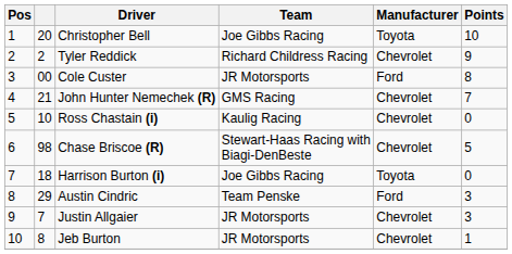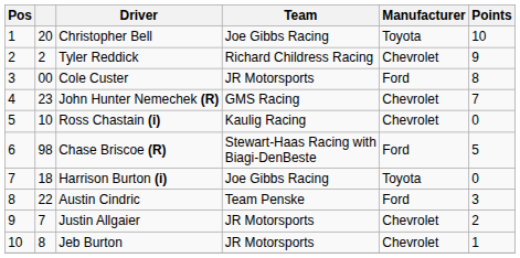 <table class="wikitable" style="font-size:98%">
 <tr>
 <th>Pos</th>
 <th></th>
 <th>Driver</th>
 <th>Team</th>
 <th>Manufacturer</th>
 <th>Points</th>
 </tr>
 <tr>
 <td>1</td>
 <td>20</td>
 <td>Christopher Bell</td>
 <td>Joe Gibbs Racing</td>
 <td>Toyota</td>
 <td>10</td>
 </tr>
 <tr>
 <td>2</td>
 <td>2</td>
 <td>Tyler Reddick</td>
 <td>Richard Childress Racing</td>
 <td>Chevrolet</td>
 <td>9</td>
 </tr>
 <tr>
 <td>3</td>
 <td>00</td>
 <td>Cole Custer</td>
 <td>JR Motorsports</td>
 <td>Ford</td>
 <td>8</td>
 </tr>
 <tr>
 <td>4</td>
-<td>21</td>
+<td>23</td>
 <td>John Hunter Nemechek <strong>(R)</strong></td>
 <td>GMS Racing</td>
 <td>Chevrolet</td>
 <td>7</td>
 </tr>
 <tr>
 <td>5</td>
 <td>10</td>
 <td>Ross Chastain <strong>(i)</strong></td>
 <td>Kaulig Racing</td>
 <td>Chevrolet</td>
 <td>0</td>
 </tr>
 <tr>
 <td>6</td>
 <td>98</td>
 <td>Chase Briscoe <strong>(R)</strong></td>
 <td>Stewart-Haas Racing with<br>Biagi-DenBeste</td>
-<td>Chevrolet</td>
+<td>Ford</td>
 <td>5</td>
 </tr>
 <tr>
 <td>7</td>
 <td>18</td>
 <td>Harrison Burton <strong>(i)</strong></td>
 <td>Joe Gibbs Racing</td>
 <td>Toyota</td>
 <td>0</td>
 </tr>
 <tr>
 <td>8</td>
-<td>29</td>
+<td>22</td>
 <td>Austin Cindric</td>
 <td>Team Penske</td>
 <td>Ford</td>
 <td>3</td>
 </tr>
 <tr>
 <td>9</td>
 <td>7</td>
 <td>Justin Allgaier</td>
 <td>JR Motorsports</td>
 <td>Chevrolet</td>
-<td>3</td>
+<td>2</td>
 </tr>
 <tr>
 <td>10</td>
 <td>8</td>
 <td>Jeb Burton</td>
 <td>JR Motorsports</td>
 <td>Chevrolet</td>
 <td>1</td>
 </tr>
 <tr>
 </tr>
 </table>
